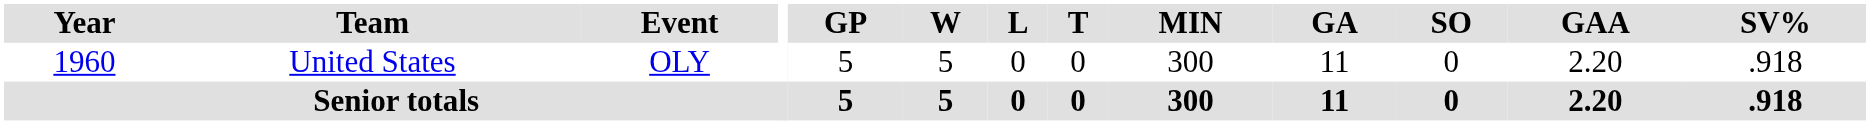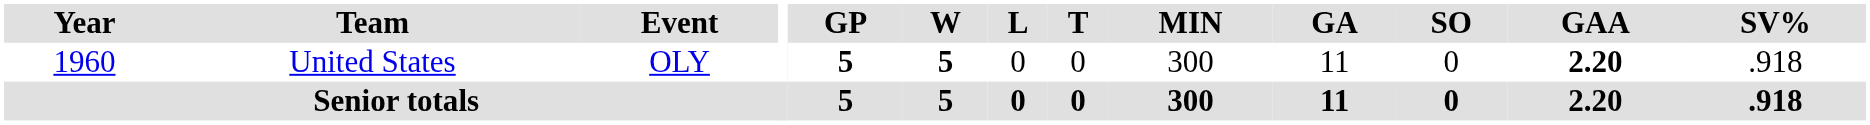 <table border="0" cellpadding="1" cellspacing="0" ID="Table3" style="text-align:center; width:60em">
 <tr ALIGN="center" bgcolor="#e0e0e0">
 <th>Year</th>
 <th>Team</th>
 <th>Event</th>
 <th rowspan="99" bgcolor="#ffffff"></th>
 <th>GP</th>
 <th>W</th>
 <th>L</th>
 <th>T</th>
 <th>MIN</th>
 <th>GA</th>
 <th>SO</th>
 <th>GAA</th>
 <th>SV%</th>
 </tr>
 <tr>
 <td><a href='#'>1960</a></td>
 <td><a href='#'>United States</a></td>
 <td><a href='#'>OLY</a></td>
-<td>5</td>
-<td>5</td>
+<td><strong>5</strong></td>
+<td><strong>5</strong></td>
 <td>0</td>
 <td>0</td>
 <td>300</td>
 <td>11</td>
 <td>0</td>
-<td>2.20</td>
+<td><strong>2.20</strong></td>
 <td>.918</td>
 </tr>
 <tr bgcolor="#e0e0e0">
 <th colspan=4>Senior totals</th>
 <th>5</th>
 <th>5</th>
 <th>0</th>
 <th>0</th>
 <th>300</th>
 <th>11</th>
 <th>0</th>
 <th>2.20</th>
 <th>.918</th>
 </tr>
 </table>
